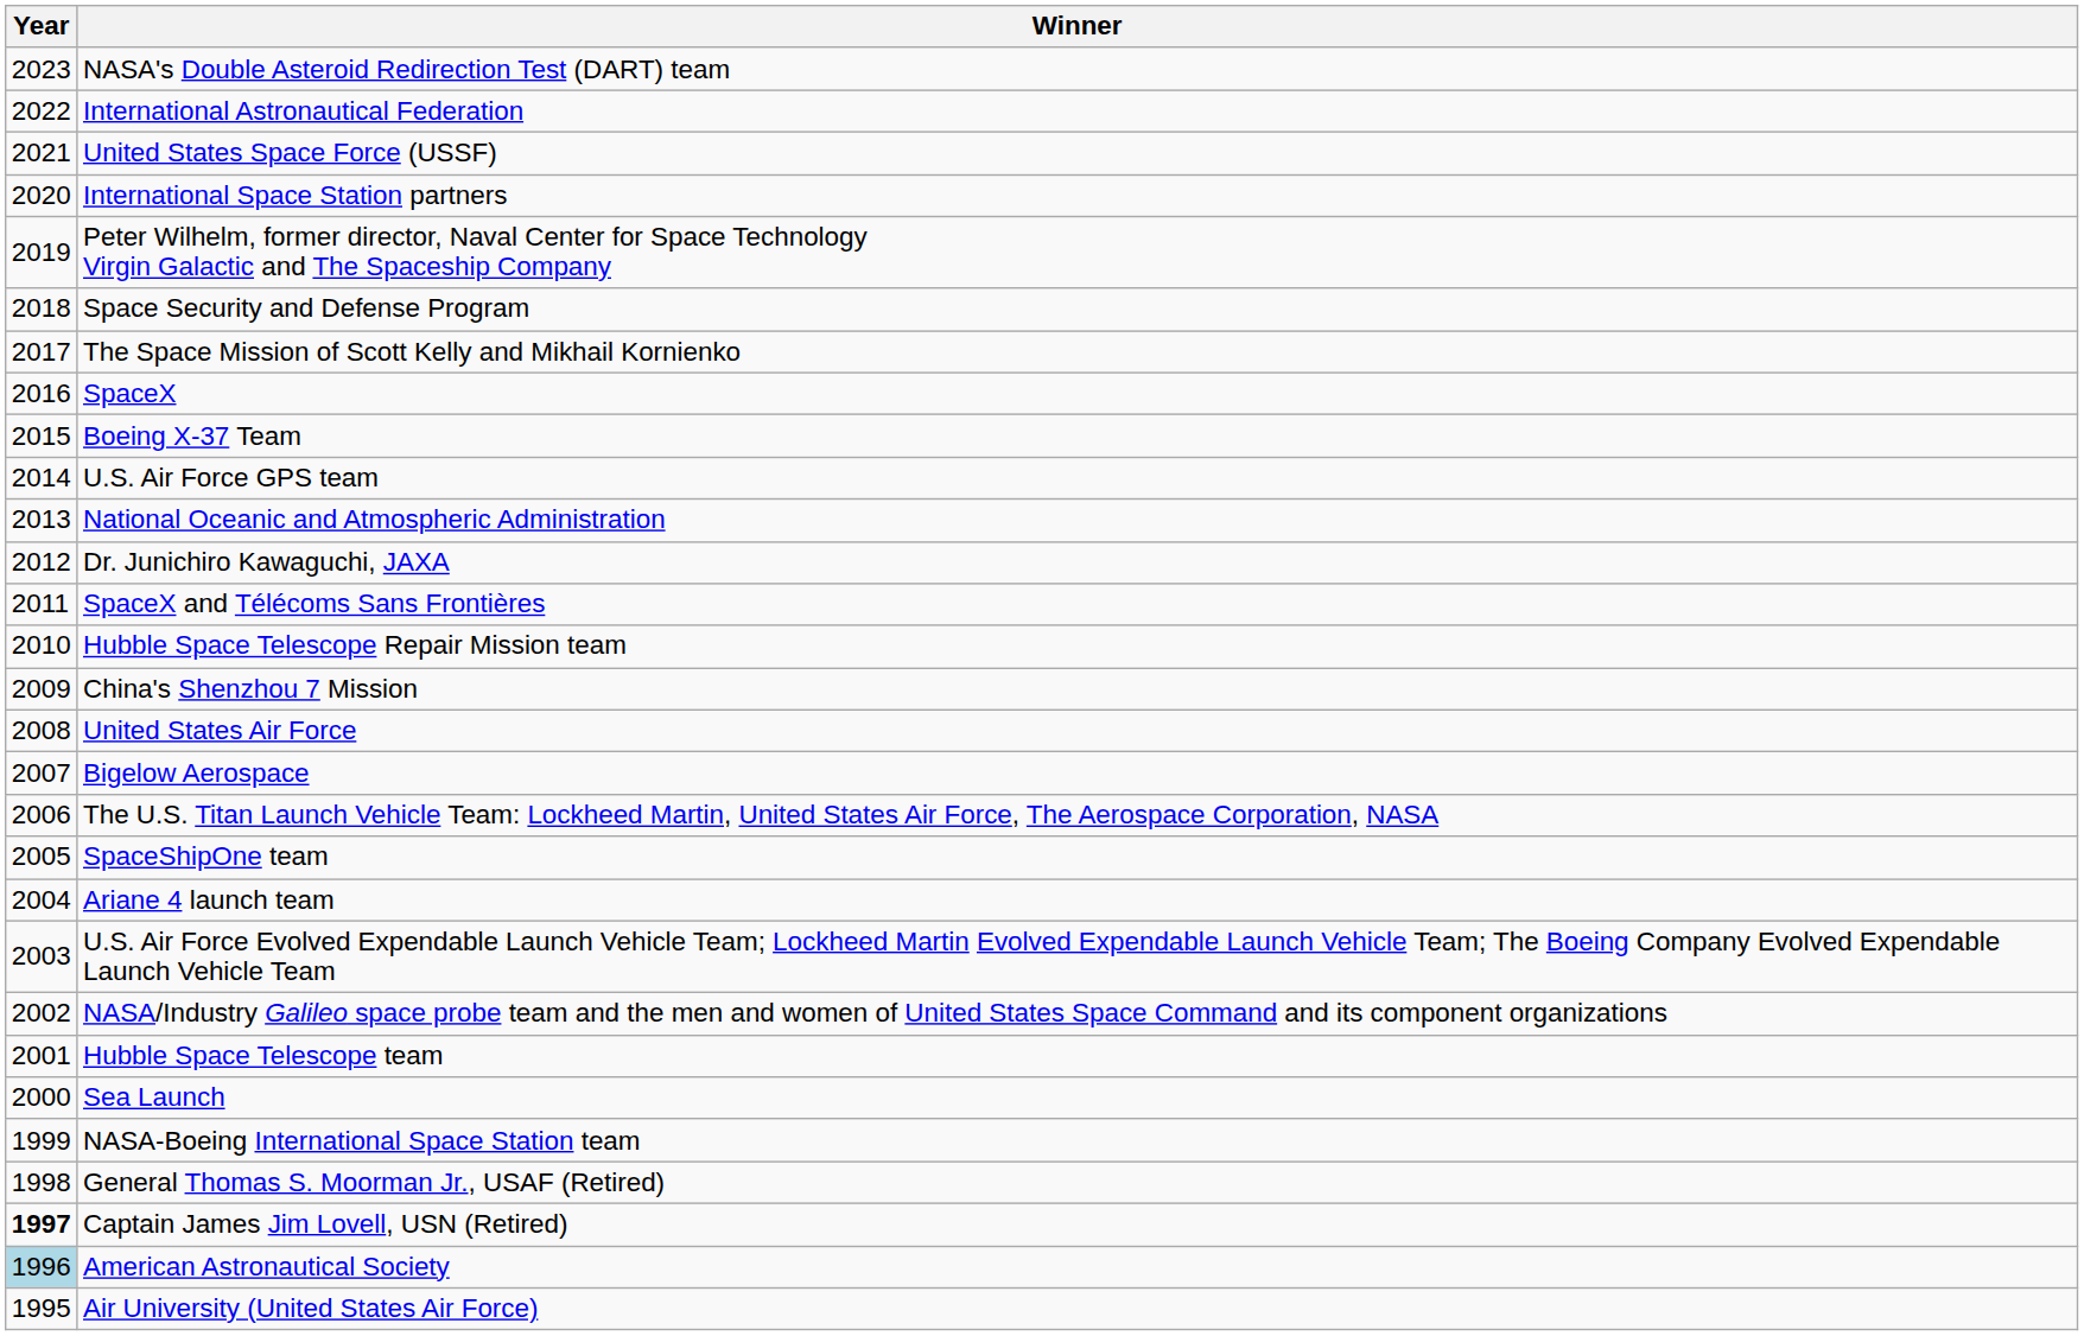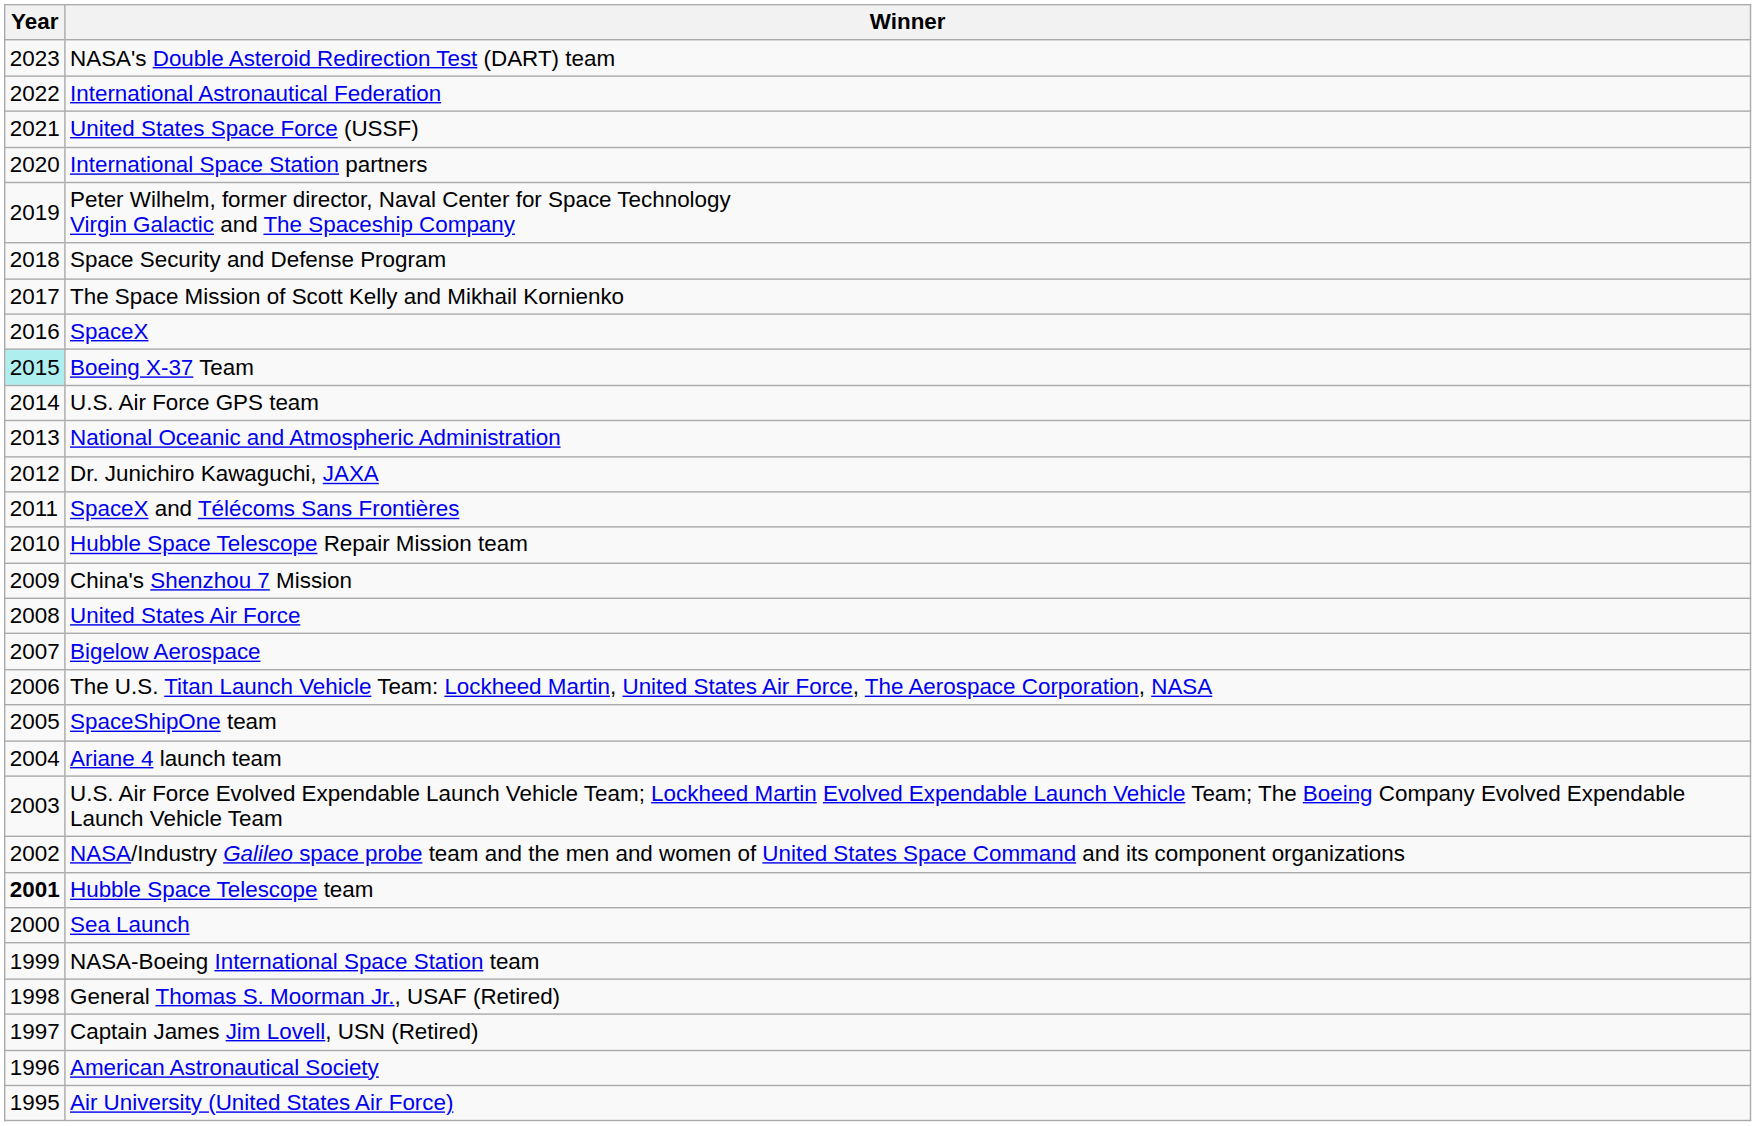 <table class="wikitable">
 <tr>
 <th>Year</th>
 <th>Winner</th>
 </tr>
 <tr>
 <td>2023</td>
 <td>NASA's <a href='#'>Double Asteroid Redirection Test</a> (DART) team</td>
 </tr>
 <tr>
 <td>2022</td>
 <td><a href='#'>International Astronautical Federation</a></td>
 </tr>
 <tr>
 <td>2021</td>
 <td><a href='#'>United States Space Force</a> (USSF)</td>
 </tr>
 <tr>
 <td>2020</td>
 <td><a href='#'>International Space Station</a> partners</td>
 </tr>
 <tr>
 <td>2019</td>
 <td>Peter Wilhelm, former director, Naval Center for Space Technology<br><a href='#'>Virgin Galactic</a> and <a href='#'>The Spaceship Company</a></td>
 </tr>
 <tr>
 <td>2018</td>
 <td>Space Security and Defense Program</td>
 </tr>
 <tr>
 <td>2017</td>
 <td>The Space Mission of Scott Kelly and Mikhail Kornienko</td>
 </tr>
 <tr>
 <td>2016</td>
 <td><a href='#'>SpaceX</a></td>
 </tr>
 <tr>
-<td>2015</td>
+<td style="background: paleturquoise;">2015</td>
 <td><a href='#'>Boeing X-37</a> Team</td>
 </tr>
 <tr>
 <td>2014</td>
 <td>U.S. Air Force GPS team</td>
 </tr>
 <tr>
 <td>2013</td>
 <td><a href='#'>National Oceanic and Atmospheric Administration</a></td>
 </tr>
 <tr>
 <td>2012</td>
 <td>Dr. Junichiro Kawaguchi, <a href='#'>JAXA</a></td>
 </tr>
 <tr>
 <td>2011</td>
 <td><a href='#'>SpaceX</a> and <a href='#'>Télécoms Sans Frontières</a></td>
 </tr>
 <tr>
 <td>2010</td>
 <td><a href='#'>Hubble Space Telescope</a> Repair Mission team</td>
 </tr>
 <tr>
 <td>2009</td>
 <td>China's <a href='#'>Shenzhou 7</a> Mission</td>
 </tr>
 <tr>
 <td>2008</td>
 <td><a href='#'>United States Air Force</a></td>
 </tr>
 <tr>
 <td>2007</td>
 <td><a href='#'>Bigelow Aerospace</a></td>
 </tr>
 <tr>
 <td>2006</td>
 <td>The U.S. <a href='#'>Titan Launch Vehicle</a> Team: <a href='#'>Lockheed Martin</a>, <a href='#'>United States Air Force</a>,  <a href='#'>The Aerospace Corporation</a>, <a href='#'>NASA</a></td>
 </tr>
 <tr>
 <td>2005</td>
 <td><a href='#'>SpaceShipOne</a> team</td>
 </tr>
 <tr>
 <td>2004</td>
 <td><a href='#'>Ariane 4</a> launch team</td>
 </tr>
 <tr>
 <td>2003</td>
 <td>U.S. Air Force Evolved Expendable Launch Vehicle Team; <a href='#'>Lockheed Martin</a> <a href='#'>Evolved Expendable Launch Vehicle</a> Team; The <a href='#'>Boeing</a> Company Evolved Expendable Launch Vehicle Team</td>
 </tr>
 <tr>
 <td>2002</td>
 <td><a href='#'>NASA</a>/Industry <a href='#'><em>Galileo</em> space probe</a> team and the men and women of <a href='#'>United States Space Command</a> and its component organizations</td>
 </tr>
 <tr>
-<td>2001</td>
+<td><strong>2001</strong></td>
 <td><a href='#'>Hubble Space Telescope</a> team</td>
 </tr>
 <tr>
 <td>2000</td>
 <td><a href='#'>Sea Launch</a></td>
 </tr>
 <tr>
 <td>1999</td>
 <td>NASA-Boeing <a href='#'>International Space Station</a> team</td>
 </tr>
 <tr>
 <td>1998</td>
 <td>General <a href='#'>Thomas S. Moorman Jr.</a>, USAF (Retired)</td>
 </tr>
 <tr>
-<td><strong>1997</strong></td>
+<td>1997</td>
 <td>Captain James <a href='#'>Jim Lovell</a>, USN (Retired)</td>
 </tr>
 <tr>
-<td style="background: lightblue;">1996</td>
+<td>1996</td>
 <td><a href='#'>American Astronautical Society</a></td>
 </tr>
 <tr>
 <td>1995</td>
 <td><a href='#'>Air University (United States Air Force)</a></td>
 </tr>
 </table>
